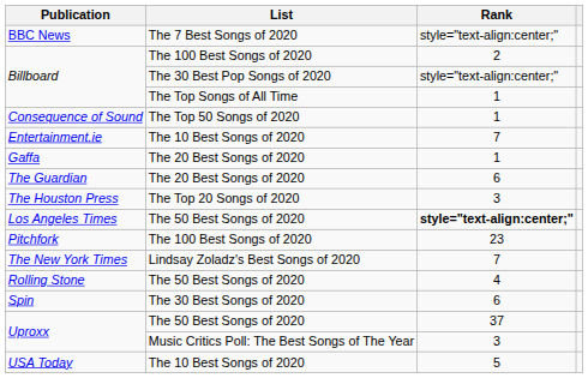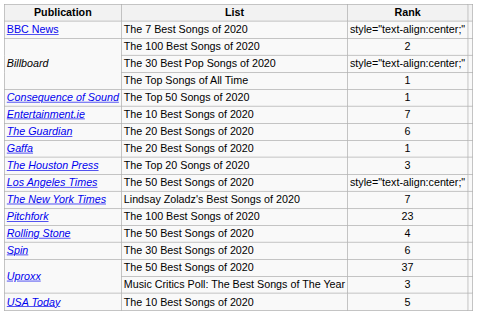 <table class="wikitable sortable plainrowheaders">
 <tr>
 <th>Publication</th>
 <th>List</th>
 <th>Rank</th>
 <th></th>
 </tr>
 <tr>
 <td scope="row"><a href='#'>BBC News</a></td>
 <td>The 7 Best Songs of 2020</td>
 <td>style="text-align:center;" </td>
 <td style="text-align:center;"></td>
 </tr>
 <tr>
 <td scope="row" rowspan="3"><em>Billboard</em></td>
 <td>The 100 Best Songs of 2020</td>
 <td style="text-align:center;">2</td>
 <td style="text-align:center;"></td>
 </tr>
 <tr>
 <td>The 30 Best Pop Songs of 2020</td>
 <td>style="text-align:center;" </td>
 <td style="text-align:center;"></td>
 </tr>
 <tr>
 <td>The Top Songs of All Time</td>
 <td style="text-align:center;">1</td>
 <td style="text-align:center;"></td>
 </tr>
 <tr>
 <td scope="row"><em><a href='#'>Consequence of Sound</a></em></td>
 <td>The Top 50 Songs of 2020</td>
 <td style="text-align:center;">1</td>
 <td style="text-align:center;"></td>
 </tr>
 <tr>
 <td scope="row"><em><a href='#'>Entertainment.ie</a></em></td>
 <td>The 10 Best Songs of 2020</td>
 <td style="text-align:center;">7</td>
 <td style="text-align:center;"></td>
 </tr>
 <tr>
+<td scope="row"><em><a href='#'>The Guardian</a></em></td>
+<td>The 20 Best Songs of 2020</td>
+<td style="text-align:center;">6</td>
+<td style="text-align:center;"></td>
+</tr>
+<tr>
 <td scope="row"><em><a href='#'>Gaffa</a></em></td>
 <td>The 20 Best Songs of 2020</td>
 <td style="text-align:center;">1</td>
-<td style="text-align:center;"></td>
-</tr>
-<tr>
-<td scope="row"><em><a href='#'>The Guardian</a></em></td>
-<td>The 20 Best Songs of 2020</td>
-<td style="text-align:center;">6</td>
 <td style="text-align:center;"></td>
 </tr>
 <tr>
 <td scope="row"><em><a href='#'>The Houston Press</a></em></td>
 <td>The Top 20 Songs of 2020</td>
 <td style="text-align:center;">3</td>
 <td style="text-align:center;"></td>
 </tr>
 <tr>
 <td scope="row"><em><a href='#'>Los Angeles Times</a></em></td>
 <td>The 50 Best Songs of 2020</td>
-<td><strong>style="text-align:center;" </strong></td>
+<td>style="text-align:center;" </td>
+<td style="text-align:center;"></td>
+</tr>
+<tr>
+<td scope="row"><em><a href='#'>The New York Times</a></em></td>
+<td>Lindsay Zoladz's Best Songs of 2020</td>
+<td style="text-align:center;">7</td>
 <td style="text-align:center;"></td>
 </tr>
 <tr>
 <td scope="row"><em><a href='#'>Pitchfork</a></em></td>
 <td>The 100 Best Songs of 2020</td>
 <td style="text-align:center;">23</td>
-<td style="text-align:center;"></td>
-</tr>
-<tr>
-<td scope="row"><em><a href='#'>The New York Times</a></em></td>
-<td>Lindsay Zoladz's Best Songs of 2020</td>
-<td style="text-align:center;">7</td>
 <td style="text-align:center;"></td>
 </tr>
 <tr>
 <td scope="row"><em><a href='#'>Rolling Stone</a></em></td>
 <td>The 50 Best Songs of 2020</td>
 <td style="text-align:center;">4</td>
 <td style="text-align:center;"></td>
 </tr>
 <tr>
 <td scope="row"><em><a href='#'>Spin</a></em></td>
 <td>The 30 Best Songs of 2020</td>
 <td style="text-align:center;">6</td>
 <td style="text-align:center;"></td>
 </tr>
 <tr>
 <td scope="row" rowspan="2"><em><a href='#'>Uproxx</a></em></td>
 <td>The 50 Best Songs of 2020</td>
 <td style="text-align:center;">37</td>
 <td style="text-align:center;"></td>
 </tr>
 <tr>
 <td>Music Critics Poll: The Best Songs of The Year</td>
 <td style="text-align:center;">3</td>
 <td style="text-align:center;"></td>
 </tr>
 <tr>
 <td scope="row"><em><a href='#'>USA Today</a></em></td>
 <td>The 10 Best Songs of 2020</td>
 <td style="text-align:center;">5</td>
 <td style="text-align:center;"></td>
 </tr>
 </table>
